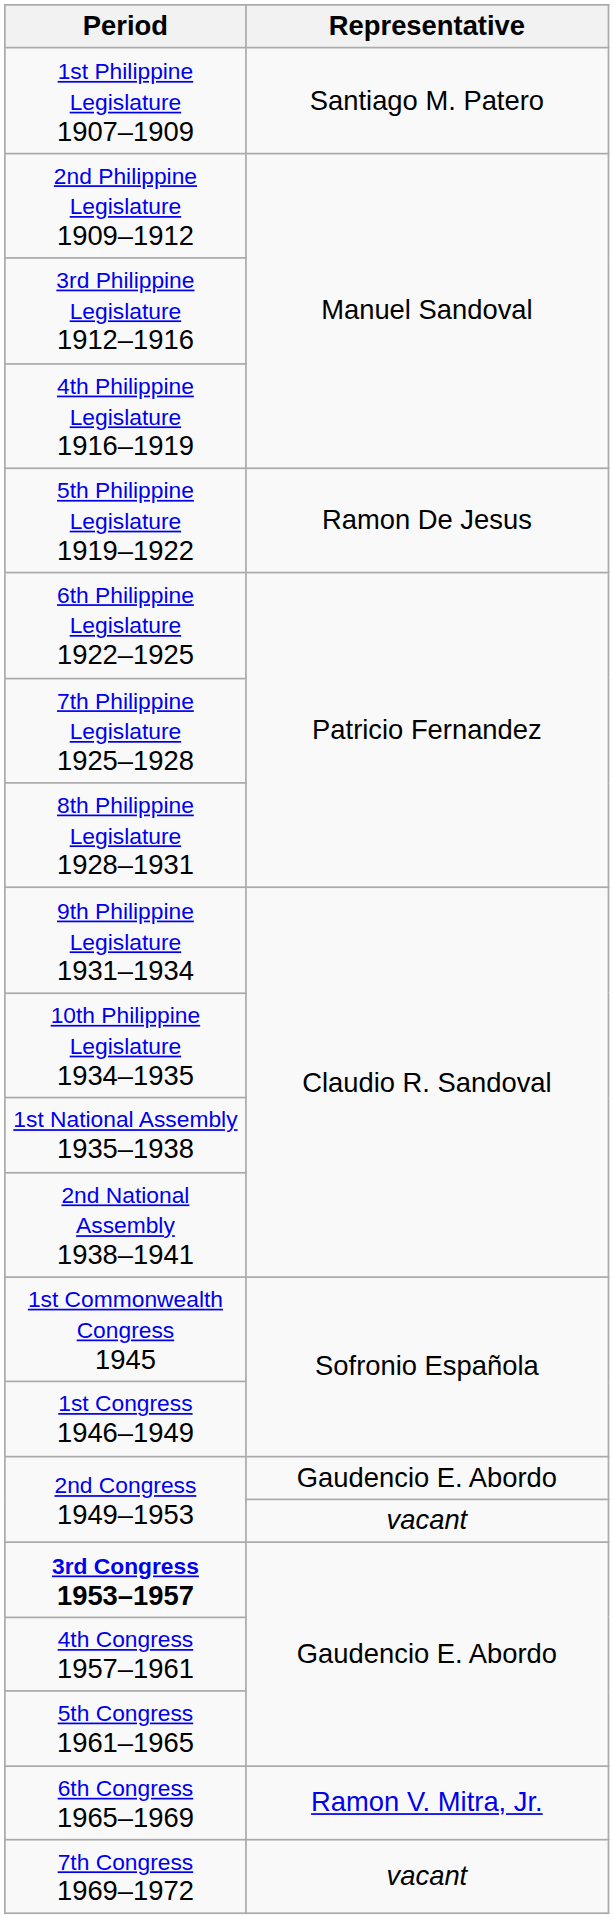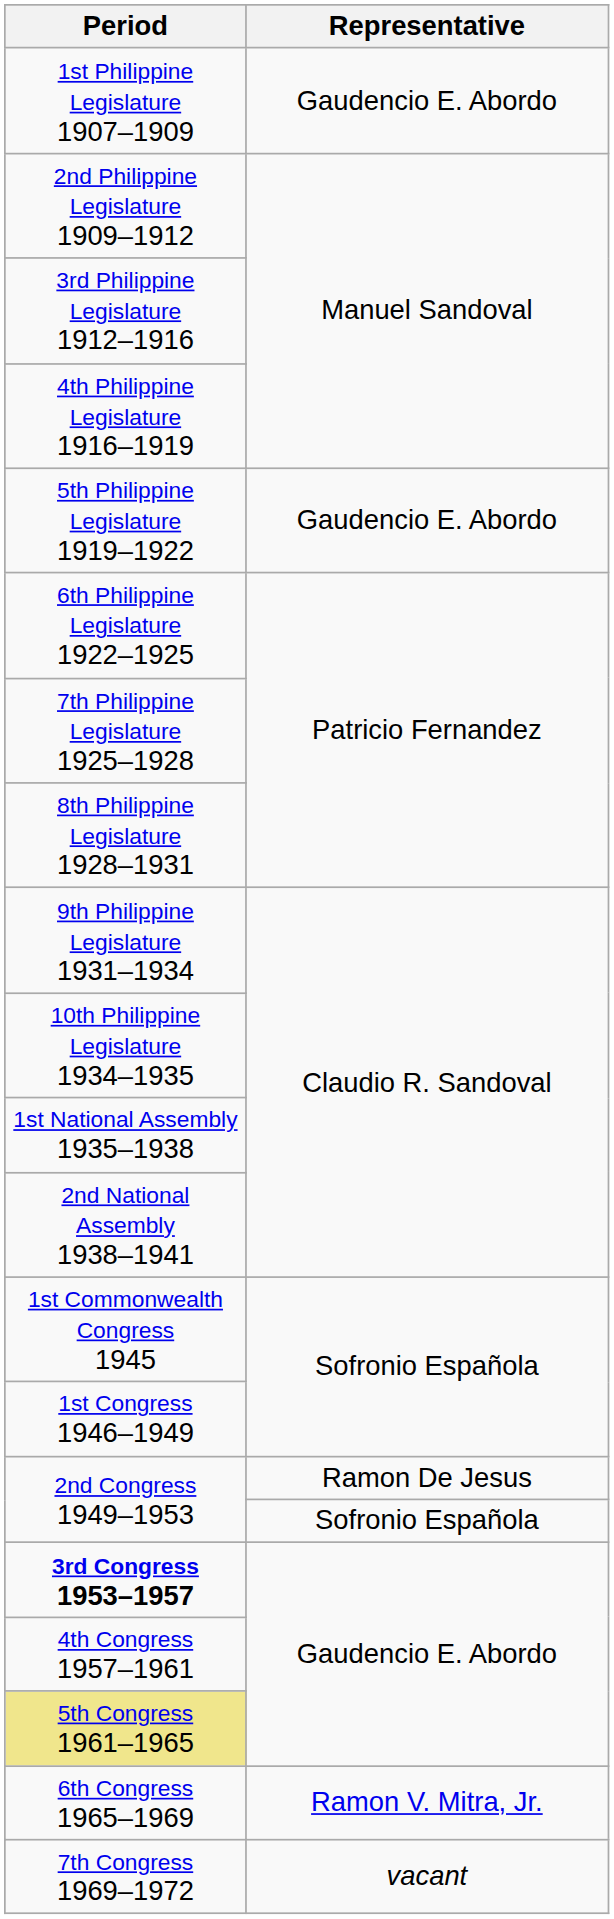 <table class="wikitable" style="text-align:center; width:40%;">
 <tr>
 <th width="40%">Period</th>
 <th>Representative</th>
 </tr>
 <tr>
 <td><small><a href='#'>1st Philippine Legislature</a></small><br>1907–1909</td>
-<td>Santiago M. Patero</td>
+<td>Gaudencio E. Abordo</td>
 </tr>
 <tr>
 <td><small><a href='#'>2nd Philippine Legislature</a></small><br>1909–1912</td>
 <td rowspan="3">Manuel Sandoval</td>
 </tr>
 <tr>
 <td><small><a href='#'>3rd Philippine Legislature</a></small><br>1912–1916</td>
 </tr>
 <tr>
 <td><small><a href='#'>4th Philippine Legislature</a></small><br>1916–1919</td>
 </tr>
 <tr>
 <td><small><a href='#'>5th Philippine Legislature</a></small><br>1919–1922</td>
-<td>Ramon De Jesus</td>
+<td>Gaudencio E. Abordo</td>
 </tr>
 <tr>
 <td><small><a href='#'>6th Philippine Legislature</a></small><br>1922–1925</td>
 <td rowspan="3">Patricio Fernandez</td>
 </tr>
 <tr>
 <td><small><a href='#'>7th Philippine Legislature</a></small><br>1925–1928</td>
 </tr>
 <tr>
 <td><small><a href='#'>8th Philippine Legislature</a></small><br>1928–1931</td>
 </tr>
 <tr>
 <td><small><a href='#'>9th Philippine Legislature</a></small><br>1931–1934</td>
 <td rowspan="4">Claudio R. Sandoval</td>
 </tr>
 <tr>
 <td><small><a href='#'>10th Philippine Legislature</a></small><br>1934–1935</td>
 </tr>
 <tr>
 <td><small><a href='#'>1st National Assembly</a></small><br>1935–1938</td>
 </tr>
 <tr>
 <td><small><a href='#'>2nd National Assembly</a></small><br>1938–1941</td>
 </tr>
 <tr>
 <td><small><a href='#'>1st Commonwealth Congress</a></small><br>1945</td>
 <td rowspan="2">Sofronio Española</td>
 </tr>
 <tr>
 <td><small><a href='#'>1st Congress</a></small><br>1946–1949</td>
 </tr>
 <tr>
 <td rowspan="2"><small><a href='#'>2nd Congress</a></small><br>1949–1953</td>
-<td>Gaudencio E. Abordo</td>
+<td>Ramon De Jesus</td>
 </tr>
 <tr>
-<td><em>vacant</em></td>
+<td>Sofronio Española</td>
 </tr>
 <tr>
 <td><strong><small><a href='#'>3rd Congress</a></small><br>1953–1957</strong></td>
 <td rowspan="3">Gaudencio E. Abordo</td>
 </tr>
 <tr>
 <td><small><a href='#'>4th Congress</a></small><br>1957–1961</td>
 </tr>
 <tr>
-<td><small><a href='#'>5th Congress</a></small><br>1961–1965</td>
+<td style="background: khaki;"><small><a href='#'>5th Congress</a></small><br>1961–1965</td>
 </tr>
 <tr>
 <td><small><a href='#'>6th Congress</a></small><br>1965–1969</td>
 <td rowspan="2"><a href='#'>Ramon V. Mitra, Jr.</a></td>
 </tr>
 <tr>
 <td rowspan="2"><small><a href='#'>7th Congress</a></small><br>1969–1972</td>
 </tr>
 <tr>
 <td><em>vacant</em></td>
 </tr>
 </table>
